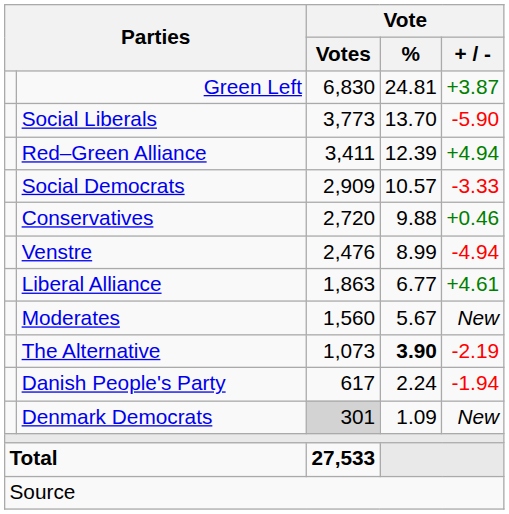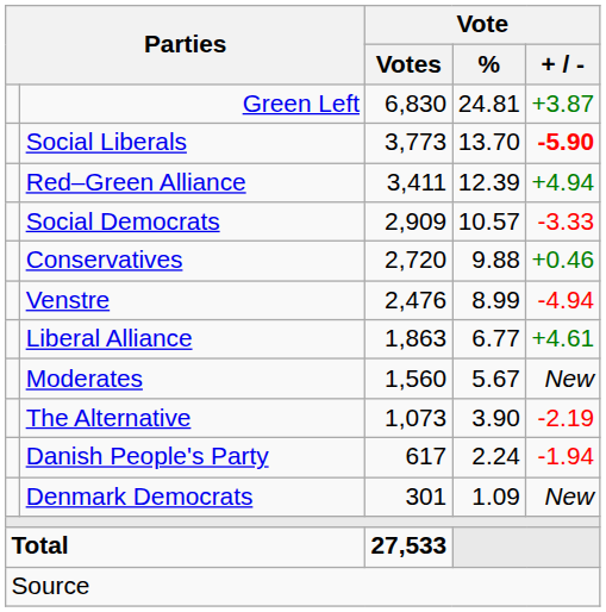 <table class="wikitable" style="text-align:right;">
 <tr>
 <th style="text-align:centre;" rowspan="2" colspan="2" width="225">Parties</th>
 <th colspan="3">Vote</th>
 </tr>
 <tr>
 <th width="15">Votes</th>
 <th width="15">%</th>
 <th width="15">+ / -</th>
 </tr>
 <tr>
 <td width=2 bgcolor=></td>
 <td><a href='#'>Green Left</a></td>
 <td>6,830</td>
 <td>24.81</td>
 <td style=color:green;>+3.87</td>
 </tr>
 <tr>
 <td width=2 bgcolor=></td>
 <td align=left><a href='#'>Social Liberals</a></td>
 <td>3,773</td>
 <td>13.70</td>
-<td style=color:red;>-5.90</td>
+<td style=color:red;><strong>-5.90</strong></td>
 </tr>
 <tr>
 <td width=2 bgcolor=></td>
 <td align=left><a href='#'>Red–Green Alliance</a></td>
 <td>3,411</td>
 <td>12.39</td>
 <td style=color:green;>+4.94</td>
 </tr>
 <tr>
 <td width=2 bgcolor=></td>
 <td align=left><a href='#'>Social Democrats</a></td>
 <td>2,909</td>
 <td>10.57</td>
 <td style=color:red;>-3.33</td>
 </tr>
 <tr>
 <td width=2 bgcolor=></td>
 <td align=left><a href='#'>Conservatives</a></td>
 <td>2,720</td>
 <td>9.88</td>
 <td style=color:green;>+0.46</td>
 </tr>
 <tr>
 <td width=2 bgcolor=></td>
 <td align=left><a href='#'>Venstre</a></td>
 <td>2,476</td>
 <td>8.99</td>
 <td style=color:red;>-4.94</td>
 </tr>
 <tr>
 <td width=2 bgcolor=></td>
 <td align=left><a href='#'>Liberal Alliance</a></td>
 <td>1,863</td>
 <td>6.77</td>
 <td style=color:green;>+4.61</td>
 </tr>
 <tr>
 <td width=2 bgcolor=></td>
 <td align=left><a href='#'>Moderates</a></td>
 <td>1,560</td>
 <td>5.67</td>
 <td><em>New</em></td>
 </tr>
 <tr>
 <td width=2 bgcolor=></td>
 <td align=left><a href='#'>The Alternative</a></td>
 <td>1,073</td>
-<td><strong>3.90</strong></td>
+<td>3.90</td>
 <td style=color:red;>-2.19</td>
 </tr>
 <tr>
 <td width=2 bgcolor=></td>
 <td align=left><a href='#'>Danish People's Party</a></td>
 <td>617</td>
 <td>2.24</td>
 <td style=color:red;>-1.94</td>
 </tr>
 <tr>
 <td width=2 bgcolor=></td>
 <td align=left><a href='#'>Denmark Democrats</a></td>
-<td style="background: lightgrey;">301</td>
+<td>301</td>
 <td>1.09</td>
 <td><em>New</em></td>
 </tr>
 <tr>
 <td colspan="7" bgcolor="#E9E9E9"></td>
 </tr>
 <tr>
 <td align="left" colspan="2"><strong>Total</strong></td>
 <td><strong>27,533</strong></td>
 <td bgcolor=#E9E9E9 colspan=2></td>
 </tr>
 <tr>
 <td align="left" colspan="6">Source</td>
 </tr>
 </table>
